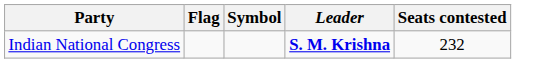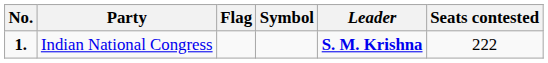 <table class="wikitable">
 <tr>
+<th>No.</th>
 <th>Party</th>
 <th><strong>Flag</strong></th>
 <th>Symbol</th>
 <th><em>Leader</em></th>
 <th>Seats contested</th>
 </tr>
 <tr>
+<td ! style="text-align:center; background:"><strong>1.</strong></td>
 <td style="text-align:center"><a href='#'>Indian National Congress</a></td>
 <td></td>
 <td></td>
 <td style="text-align:center"><strong><a href='#'>S. M. Krishna</a></strong></td>
-<td style="text-align:center">232</td>
+<td style="text-align:center">222</td>
 </tr>
 </table>
